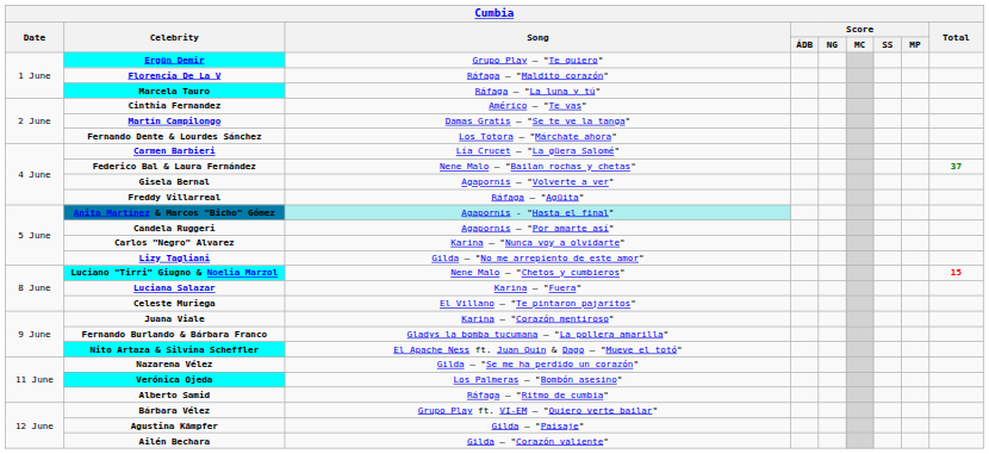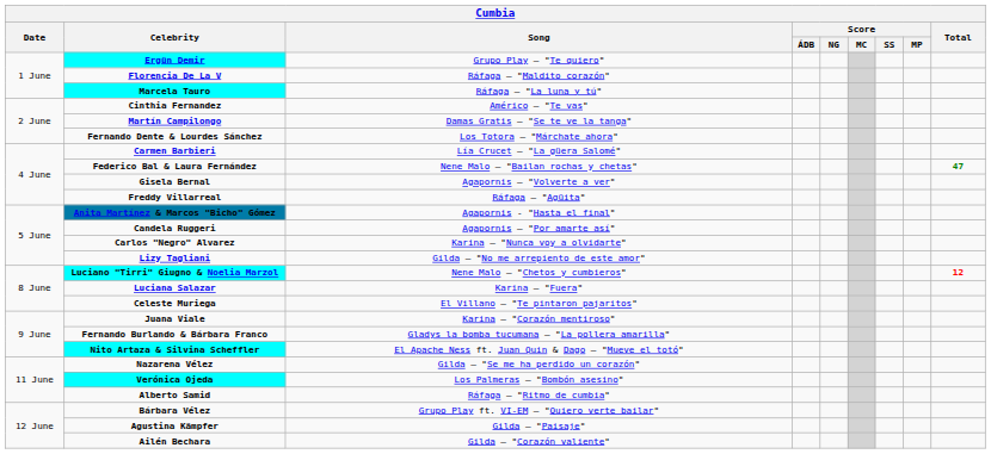 <table class="wikitable collapsible collapsed" style="font-size:90%; text-align: center; width: 100%;">
 <tr>
 <th colspan="11" style="with: 95%;" align=center><big><a href='#'>Cumbia</a></big></th>
 </tr>
 <tr>
 <th width=70 rowspan="2">Date</th>
 <th width=280 rowspan="2">Celebrity</th>
 <th rowspan="2">Song</th>
 <th colspan="5">Score</th>
 <th rowspan="2">Total</th>
 </tr>
 <tr>
 <th width=30>ÁDB</th>
 <th width=30>NG</th>
 <th width=30>MC</th>
 <th width=30>SS</th>
 <th width=30>MP</th>
 </tr>
 <tr>
 <td rowspan=3>1 June</td>
 <td bgcolor="cyan"><strong><a href='#'>Ergün Demir</a></strong></td>
 <td><a href='#'>Grupo Play</a> – "<a href='#'>Te quiero</a>"</td>
 <td></td>
 <td></td>
 <td bgcolor="lightgray"></td>
 <td></td>
 <td></td>
 <td></td>
 </tr>
 <tr>
 <td><strong><a href='#'>Florencia De La V</a></strong></td>
 <td><a href='#'>Ráfaga</a> – "<a href='#'>Maldito corazón</a>"</td>
 <td></td>
 <td></td>
 <td bgcolor="lightgray"></td>
 <td></td>
 <td></td>
 <td></td>
 </tr>
 <tr>
 <td bgcolor="cyan"><strong>Marcela Tauro</strong></td>
 <td><a href='#'>Ráfaga</a> – "<a href='#'>La luna y tú</a>"</td>
 <td></td>
 <td></td>
 <td bgcolor="lightgray"></td>
 <td></td>
 <td></td>
 <td></td>
 </tr>
 <tr>
 <td rowspan="3">2 June</td>
 <td><strong>Cinthia Fernandez</strong></td>
 <td><a href='#'>Américo</a> – "<a href='#'>Te vas</a>"</td>
 <td></td>
 <td></td>
 <td bgcolor="lightgray"></td>
 <td></td>
 <td></td>
 <td></td>
 </tr>
 <tr>
 <td><strong><a href='#'>Martín Campilongo</a></strong></td>
 <td><a href='#'>Damas Gratis</a> – "<a href='#'>Se te ve la tanga</a>"</td>
 <td></td>
 <td></td>
 <td bgcolor="lightgray"></td>
 <td></td>
 <td></td>
 <td></td>
 </tr>
 <tr>
 <td><strong>Fernando Dente & Lourdes Sánchez</strong></td>
 <td><a href='#'>Los Totora</a> – "<a href='#'>Márchate ahora</a>"</td>
 <td></td>
 <td></td>
 <td bgcolor="lightgray"></td>
 <td></td>
 <td></td>
 <td></td>
 </tr>
 <tr>
 <td rowspan="4">4 June</td>
 <td><strong><a href='#'>Carmen Barbieri</a></strong></td>
 <td><a href='#'>Lía Crucet</a> – "<a href='#'>La güera Salomé</a>"</td>
 <td></td>
 <td></td>
 <td bgcolor="lightgray"></td>
 <td></td>
 <td></td>
 <td></td>
 </tr>
 <tr>
 <td><strong>Federico Bal & Laura Fernández</strong></td>
 <td><a href='#'>Nene Malo</a> – "<a href='#'>Bailan rochas y chetas</a>"</td>
 <td></td>
 <td></td>
 <td bgcolor="lightgray"></td>
 <td></td>
 <td></td>
-<td style="text-align:center; color:green;"><strong>37</strong></td>
+<td style="text-align:center; color:green;"><strong>47</strong></td>
 </tr>
 <tr>
 <td><strong>Gisela Bernal</strong></td>
 <td><a href='#'>Agapornis</a> – "<a href='#'>Volverte a ver</a>"</td>
 <td></td>
 <td></td>
 <td bgcolor="lightgray"></td>
 <td></td>
 <td></td>
 <td></td>
 </tr>
 <tr>
 <td><strong>Freddy Villarreal</strong></td>
 <td><a href='#'>Ráfaga</a> – "<a href='#'>Agüita</a>"</td>
 <td></td>
 <td></td>
 <td bgcolor="lightgray"></td>
 <td></td>
 <td></td>
 <td></td>
 </tr>
 <tr>
 <td rowspan="4">5 June</td>
 <td style="background:#007BA7;"><strong><a href='#'>Anita Martínez</a> & Marcos "Bicho" Gómez</strong></td>
-<td style="background: paleturquoise;"><a href='#'>Agapornis</a> - "<a href='#'>Hasta el final</a>"</td>
+<td><a href='#'>Agapornis</a> - "<a href='#'>Hasta el final</a>"</td>
 <td></td>
 <td></td>
 <td bgcolor="lightgray"></td>
 <td></td>
 <td></td>
 <td></td>
 </tr>
 <tr>
 <td><strong>Candela Ruggeri</strong></td>
 <td><a href='#'>Agapornis</a> – "<a href='#'>Por amarte así</a>"</td>
 <td></td>
 <td></td>
 <td bgcolor="lightgray"></td>
 <td></td>
 <td></td>
 <td></td>
 </tr>
 <tr>
 <td><strong>Carlos "Negro" Alvarez</strong></td>
 <td><a href='#'>Karina</a> – "<a href='#'>Nunca voy a olvidarte</a>"</td>
 <td></td>
 <td></td>
 <td bgcolor="lightgray"></td>
 <td></td>
 <td></td>
 <td></td>
 </tr>
 <tr>
 <td><strong><a href='#'>Lizy Tagliani</a></strong></td>
 <td><a href='#'>Gilda</a> – "<a href='#'>No me arrepiento de este amor</a>"</td>
 <td></td>
 <td></td>
 <td bgcolor="lightgray"></td>
 <td></td>
 <td></td>
 <td></td>
 </tr>
 <tr>
 <td rowspan="3">8 June</td>
 <td bgcolor="cyan"><strong>Luciano "Tirri" Giugno & <a href='#'>Noelia Marzol</a></strong></td>
 <td><a href='#'>Nene Malo</a> – "<a href='#'>Chetos y cumbieros</a>"</td>
 <td></td>
 <td></td>
 <td bgcolor="lightgray"></td>
 <td></td>
 <td></td>
-<td style="text-align:center; color:red;"><strong>15</strong></td>
+<td style="text-align:center; color:red;"><strong>12</strong></td>
 </tr>
 <tr>
 <td><strong><a href='#'>Luciana Salazar</a></strong></td>
 <td><a href='#'>Karina</a> – "<a href='#'>Fuera</a>"</td>
 <td></td>
 <td></td>
 <td bgcolor="lightgray"></td>
 <td></td>
 <td></td>
 <td></td>
 </tr>
 <tr>
 <td><strong>Celeste Muriega</strong></td>
 <td><a href='#'>El Villano</a> – "<a href='#'>Te pintaron pajaritos</a>"</td>
 <td></td>
 <td></td>
 <td bgcolor="lightgray"></td>
 <td></td>
 <td></td>
 <td></td>
 </tr>
 <tr>
 <td rowspan="3">9 June</td>
 <td><strong>Juana Viale</strong></td>
 <td><a href='#'>Karina</a> – "<a href='#'>Corazón mentiroso</a>"</td>
 <td></td>
 <td></td>
 <td bgcolor="lightgray"></td>
 <td></td>
 <td></td>
 <td></td>
 </tr>
 <tr>
 <td><strong>Fernando Burlando & Bárbara Franco</strong></td>
 <td><a href='#'>Gladys la bomba tucumana</a> – "<a href='#'>La pollera amarilla</a>"</td>
 <td></td>
 <td></td>
 <td bgcolor="lightgray"></td>
 <td></td>
 <td></td>
 <td></td>
 </tr>
 <tr>
 <td bgcolor="cyan"><strong>Nito Artaza & Silvina Scheffler</strong></td>
 <td><a href='#'>El Apache Ness</a> ft. <a href='#'>Juan Quin</a> & <a href='#'>Dago</a> – "<a href='#'>Mueve el totó</a>"</td>
 <td></td>
 <td></td>
 <td bgcolor="lightgray"></td>
 <td></td>
 <td></td>
 <td></td>
 </tr>
 <tr>
 <td rowspan="3">11 June</td>
 <td><strong>Nazarena Vélez</strong></td>
 <td><a href='#'>Gilda</a> – "<a href='#'>Se me ha perdido un corazón</a>"</td>
 <td></td>
 <td></td>
 <td bgcolor="lightgray"></td>
 <td></td>
 <td></td>
 <td></td>
 </tr>
 <tr>
 <td bgcolor="cyan"><strong>Verónica Ojeda</strong></td>
 <td><a href='#'>Los Palmeras</a> – "<a href='#'>Bombón asesino</a>"</td>
 <td></td>
 <td></td>
 <td bgcolor="lightgray"></td>
 <td></td>
 <td></td>
 <td></td>
 </tr>
 <tr>
 <td><strong>Alberto Samid</strong></td>
 <td><a href='#'>Ráfaga</a> – "<a href='#'>Ritmo de cumbia</a>"</td>
 <td></td>
 <td></td>
 <td bgcolor="lightgray"></td>
 <td></td>
 <td></td>
 <td></td>
 </tr>
 <tr>
 <td rowspan="3">12 June</td>
 <td><strong>Bárbara Vélez</strong></td>
 <td><a href='#'>Grupo Play</a> ft. <a href='#'>VI-EM</a> – "<a href='#'>Quiero verte bailar</a>"</td>
 <td></td>
 <td></td>
 <td bgcolor="lightgray"></td>
 <td></td>
 <td></td>
 <td></td>
 </tr>
 <tr>
 <td><strong>Agustina Kämpfer</strong></td>
 <td><a href='#'>Gilda</a> – "<a href='#'>Paisaje</a>"</td>
 <td></td>
 <td></td>
 <td bgcolor="lightgray"></td>
 <td></td>
 <td></td>
 <td></td>
 </tr>
 <tr>
 <td><strong>Ailén Bechara</strong></td>
 <td><a href='#'>Gilda</a> – "<a href='#'>Corazón valiente</a>"</td>
 <td></td>
 <td></td>
 <td bgcolor="lightgray"></td>
 <td></td>
 <td></td>
 <td></td>
 </tr>
 </table>
